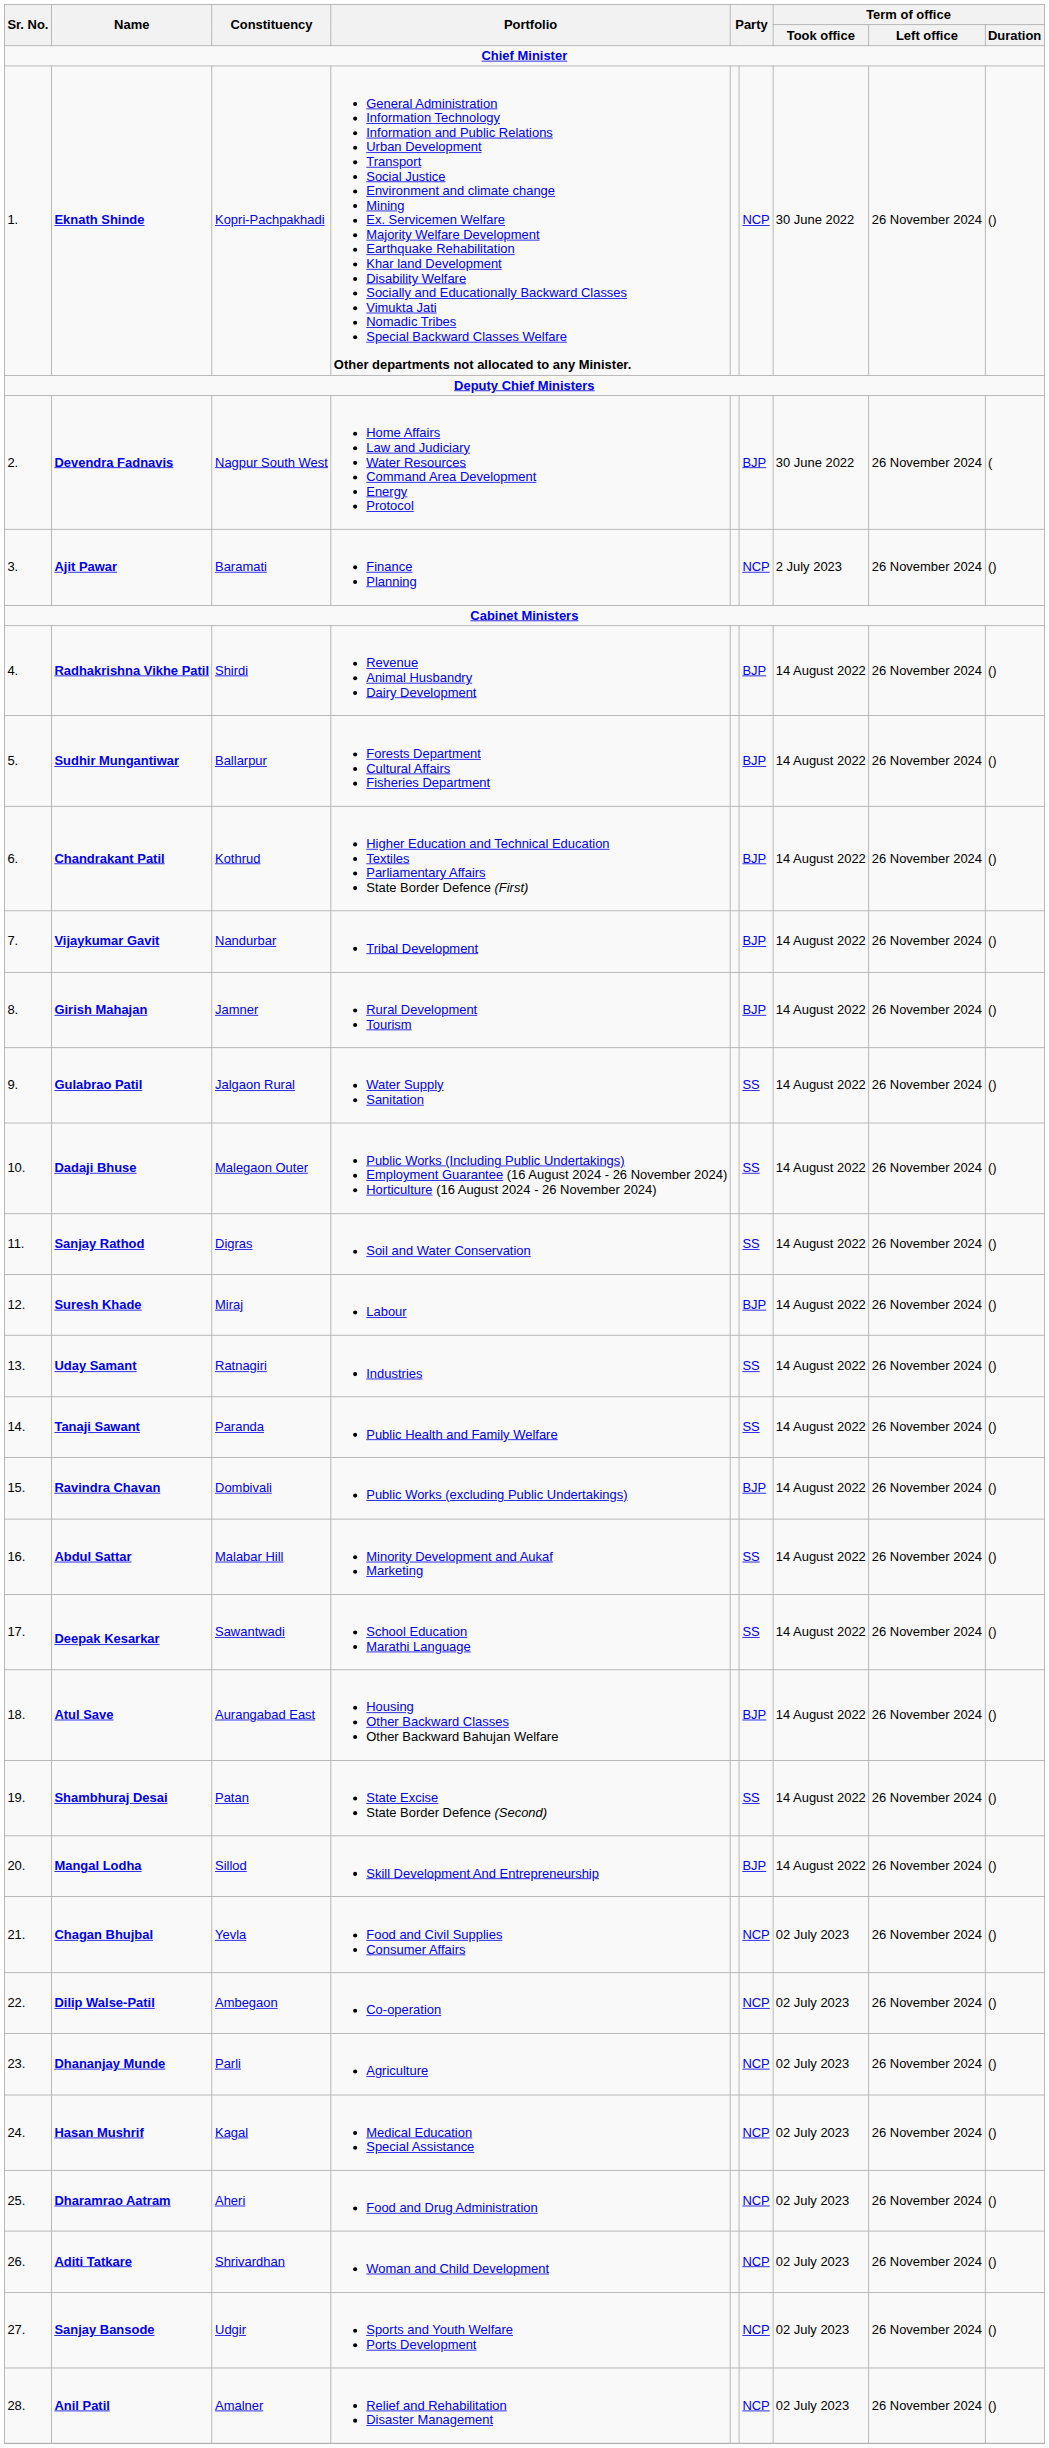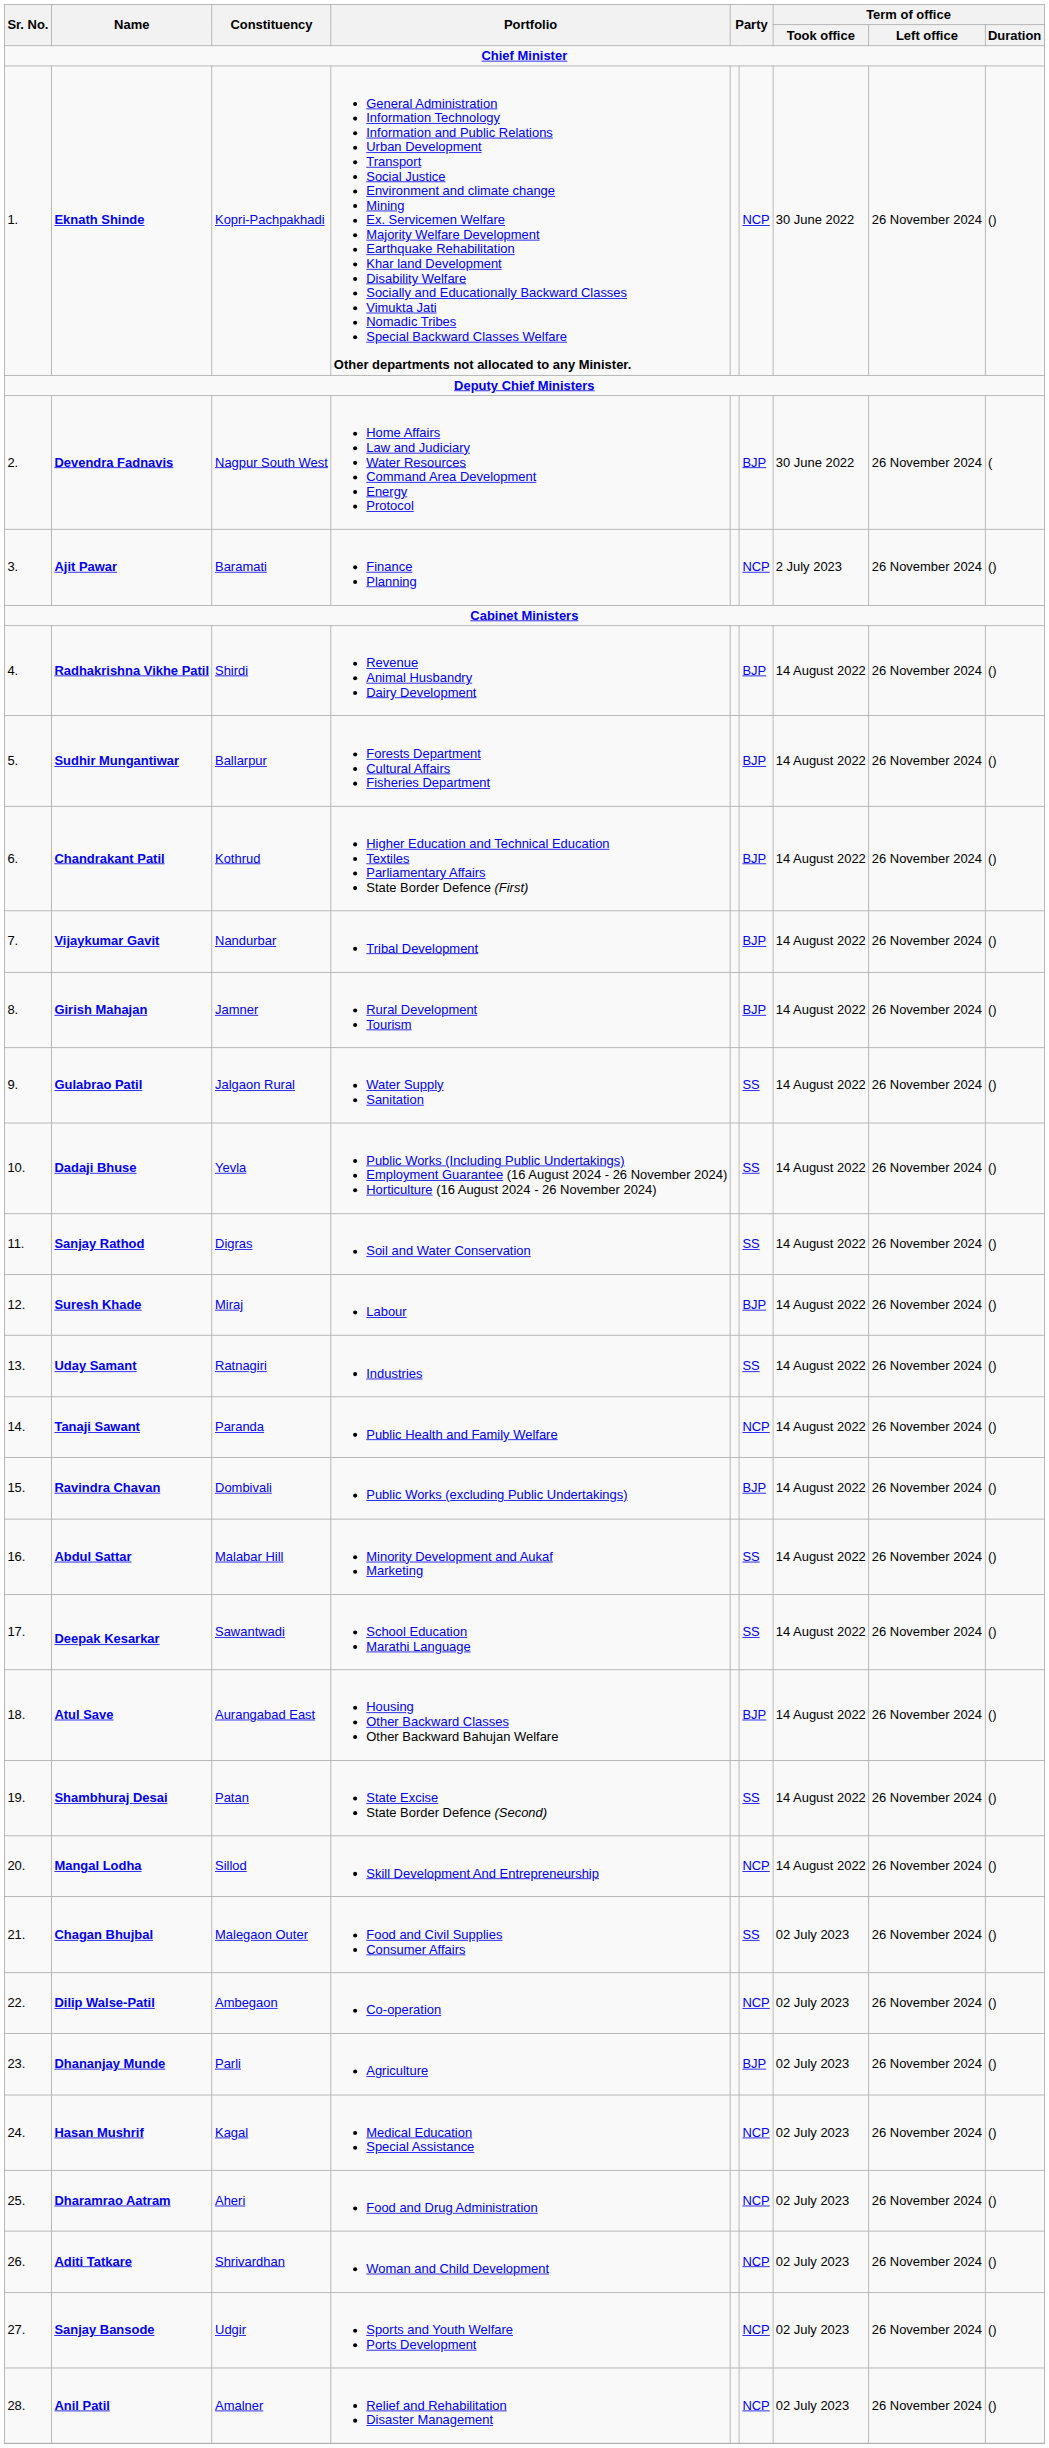 <table class="wikitable sortable">
 <tr>
 <th rowspan = "2">Sr. No.</th>
 <th rowspan = "2">Name</th>
 <th rowspan = "2">Constituency</th>
 <th rowspan = "2">Portfolio</th>
 <th rowspan = "2" colspan="2" scope="col">Party</th>
 <th colspan="3">Term of office</th>
 </tr>
 <tr>
 <th>Took office</th>
 <th>Left office</th>
 <th>Duration</th>
 </tr>
 <tr>
 <td colspan="9" style="text-align: center;"><strong><a href='#'>Chief Minister</a></strong></td>
 </tr>
 <tr>
 <td>1.</td>
 <td><strong><a href='#'>Eknath Shinde</a></strong></td>
 <td><a href='#'>Kopri-Pachpakhadi</a></td>
 <td><br><ul><li><a href='#'>General Administration</a></li><li><a href='#'>Information Technology</a></li><li><a href='#'>Information and Public Relations</a></li><li><a href='#'>Urban Development</a></li><li><a href='#'>Transport</a></li><li><a href='#'>Social Justice</a></li><li><a href='#'>Environment and climate change</a></li><li><a href='#'>Mining</a></li><li><a href='#'>Ex. Servicemen Welfare</a></li><li><a href='#'>Majority Welfare Development</a></li><li><a href='#'>Earthquake Rehabilitation</a></li><li><a href='#'>Khar land Development</a></li><li><a href='#'>Disability Welfare</a></li><li><a href='#'>Socially and Educationally Backward Classes</a></li><li><a href='#'>Vimukta Jati</a></li><li><a href='#'>Nomadic Tribes</a></li><li><a href='#'>Special Backward Classes Welfare</a></li></ul><strong>Other departments not allocated to any Minister.</strong></td>
 <td width="4px"></td>
 <td rowspan="1"><a href='#'>NCP</a></td>
 <td>30 June 2022</td>
 <td>26 November 2024</td>
 <td>()</td>
 </tr>
 <tr>
 <td colspan="9" style="text-align: center;"><strong><a href='#'>Deputy Chief Ministers</a></strong></td>
 </tr>
 <tr>
 <td>2.</td>
 <td><strong><a href='#'>Devendra Fadnavis</a></strong></td>
 <td><a href='#'>Nagpur South West</a></td>
 <td><br><ul><li><a href='#'>Home Affairs</a></li><li><a href='#'>Law and Judiciary</a></li><li><a href='#'>Water Resources</a></li><li><a href='#'>Command Area Development</a></li><li><a href='#'>Energy</a></li><li><a href='#'>Protocol</a></li></ul></td>
 <td rowspan="1" width="1px"></td>
 <td rowspan="1"><a href='#'>BJP</a></td>
 <td>30 June 2022</td>
 <td>26 November 2024</td>
 <td>(</td>
 </tr>
 <tr>
 <td>3.</td>
 <td><strong><a href='#'>Ajit Pawar</a></strong></td>
 <td><a href='#'>Baramati</a></td>
 <td><br><ul><li><a href='#'>Finance</a></li><li><a href='#'>Planning</a></li></ul></td>
 <td rowspan="1" width="4px"></td>
 <td rowspan="1"><a href='#'>NCP</a></td>
 <td>2 July 2023</td>
 <td>26 November 2024</td>
 <td>()</td>
 </tr>
 <tr>
 <td colspan="9" style="text-align: center;"><strong><a href='#'>Cabinet Ministers</a></strong></td>
 </tr>
 <tr>
 <td>4.</td>
 <td><strong><a href='#'>Radhakrishna Vikhe Patil</a></strong></td>
 <td><a href='#'>Shirdi</a></td>
 <td><br><ul><li><a href='#'>Revenue</a></li><li><a href='#'>Animal Husbandry</a></li><li><a href='#'>Dairy Development</a></li></ul></td>
 <td rowspan="1" width="4px"></td>
 <td rowspan="1"><a href='#'>BJP</a></td>
 <td>14 August 2022</td>
 <td>26 November 2024</td>
 <td>()</td>
 </tr>
 <tr>
 <td>5.</td>
 <td><strong><a href='#'>Sudhir Mungantiwar</a></strong></td>
 <td><a href='#'>Ballarpur</a></td>
 <td><br><ul><li><a href='#'>Forests Department</a></li><li><a href='#'>Cultural Affairs</a></li><li><a href='#'>Fisheries Department</a></li></ul></td>
 <td rowspan="1" width="4px"></td>
 <td rowspan="1"><a href='#'>BJP</a></td>
 <td>14 August 2022</td>
 <td>26 November 2024</td>
 <td>()</td>
 </tr>
 <tr>
 <td>6.</td>
 <td><strong><a href='#'>Chandrakant Patil</a></strong></td>
 <td><a href='#'>Kothrud</a></td>
 <td><br><ul><li><a href='#'>Higher Education and Technical Education</a></li><li><a href='#'>Textiles</a></li><li><a href='#'>Parliamentary Affairs</a></li><li>State Border Defence <em>(First)</em></li></ul></td>
 <td rowspan="1" width="4px"></td>
 <td rowspan="1"><a href='#'>BJP</a></td>
 <td>14 August 2022</td>
 <td>26 November 2024</td>
 <td>()</td>
 </tr>
 <tr>
 <td>7.</td>
 <td><strong><a href='#'>Vijaykumar Gavit</a></strong></td>
 <td><a href='#'>Nandurbar</a></td>
 <td><br><ul><li><a href='#'>Tribal Development</a></li></ul></td>
 <td rowspan="1" width="4px"></td>
 <td rowspan="1"><a href='#'>BJP</a></td>
 <td>14 August 2022</td>
 <td>26 November 2024</td>
 <td>()</td>
 </tr>
 <tr>
 <td>8.</td>
 <td><strong><a href='#'>Girish Mahajan</a></strong></td>
 <td><a href='#'>Jamner</a></td>
 <td><br><ul><li><a href='#'>Rural Development</a></li><li><a href='#'>Tourism</a></li></ul></td>
 <td width="4px"></td>
 <td><a href='#'>BJP</a></td>
 <td>14 August 2022</td>
 <td>26 November 2024</td>
 <td>()</td>
 </tr>
 <tr>
 <td>9.</td>
 <td><strong><a href='#'>Gulabrao Patil</a></strong></td>
 <td><a href='#'>Jalgaon Rural</a></td>
 <td><br><ul><li><a href='#'>Water Supply</a></li><li><a href='#'>Sanitation</a></li></ul></td>
 <td rowspan="1" width="4px"></td>
 <td rowspan="1"><a href='#'>SS</a></td>
 <td>14 August 2022</td>
 <td>26 November 2024</td>
 <td>()</td>
 </tr>
 <tr>
 <td>10.</td>
 <td><strong><a href='#'>Dadaji Bhuse</a></strong></td>
-<td><a href='#'>Malegaon Outer</a></td>
+<td><a href='#'>Yevla</a></td>
 <td><br><ul><li><a href='#'>Public Works (Including Public Undertakings)</a></li><li><a href='#'>Employment Guarantee</a> (16 August 2024 - 26 November 2024)</li><li><a href='#'>Horticulture</a> (16 August 2024 - 26 November 2024)</li></ul></td>
 <td rowspan="1" width="4px"></td>
 <td rowspan="1"><a href='#'>SS</a></td>
 <td>14 August 2022</td>
 <td>26 November 2024</td>
 <td>()</td>
 </tr>
 <tr>
 <td>11.</td>
 <td><strong><a href='#'>Sanjay Rathod</a></strong></td>
 <td><a href='#'>Digras</a></td>
 <td><br><ul><li><a href='#'>Soil and Water Conservation</a></li></ul></td>
 <td rowspan="1" width="4px"></td>
 <td rowspan="1"><a href='#'>SS</a></td>
 <td>14 August 2022</td>
 <td>26 November 2024</td>
 <td>()</td>
 </tr>
 <tr>
 <td>12.</td>
 <td><strong><a href='#'>Suresh Khade</a></strong></td>
 <td><a href='#'>Miraj</a></td>
 <td><br><ul><li><a href='#'>Labour</a></li></ul></td>
 <td width="4px"></td>
 <td><a href='#'>BJP</a></td>
 <td>14 August 2022</td>
 <td>26 November 2024</td>
 <td>()</td>
 </tr>
 <tr>
 <td>13.</td>
 <td><strong><a href='#'>Uday Samant</a></strong></td>
 <td><a href='#'>Ratnagiri</a></td>
 <td><br><ul><li><a href='#'>Industries</a></li></ul></td>
 <td rowspan="1" width="4px"></td>
 <td rowspan="1"><a href='#'>SS</a></td>
 <td>14 August 2022</td>
 <td>26 November 2024</td>
 <td>()</td>
 </tr>
 <tr>
 <td>14.</td>
 <td><strong><a href='#'>Tanaji Sawant</a></strong></td>
 <td><a href='#'>Paranda</a></td>
 <td><br><ul><li><a href='#'>Public Health and Family Welfare</a></li></ul></td>
 <td rowspan="1" width="4px"></td>
-<td rowspan="1"><a href='#'>SS</a></td>
+<td rowspan="1"><a href='#'>NCP</a></td>
 <td>14 August 2022</td>
 <td>26 November 2024</td>
 <td>()</td>
 </tr>
 <tr>
 <td>15.</td>
 <td><strong><a href='#'>Ravindra Chavan</a></strong></td>
 <td><a href='#'>Dombivali</a></td>
 <td><br><ul><li><a href='#'>Public Works (excluding Public Undertakings)</a></li></ul></td>
 <td width="4px"></td>
 <td><a href='#'>BJP</a></td>
 <td>14 August 2022</td>
 <td>26 November 2024</td>
 <td>()</td>
 </tr>
 <tr>
 <td>16.</td>
 <td><strong><a href='#'>Abdul Sattar</a></strong></td>
 <td><a href='#'>Malabar Hill</a></td>
 <td><br><ul><li><a href='#'>Minority Development and Aukaf</a></li><li><a href='#'>Marketing</a></li></ul></td>
 <td rowspan="1" width="4px"></td>
 <td rowspan="1"><a href='#'>SS</a></td>
 <td>14 August 2022</td>
 <td>26 November 2024</td>
 <td>()</td>
 </tr>
 <tr>
 <td>17.</td>
 <td><br> <strong><a href='#'>Deepak Kesarkar</a></strong></td>
 <td><a href='#'>Sawantwadi</a></td>
 <td><br><ul><li><a href='#'>School Education</a></li><li><a href='#'>Marathi Language</a></li></ul></td>
 <td rowspan="1" width="4px"></td>
 <td rowspan="1"><a href='#'>SS</a></td>
 <td>14 August 2022</td>
 <td>26 November 2024</td>
 <td>()</td>
 </tr>
 <tr>
 <td>18.</td>
 <td><strong><a href='#'>Atul Save</a></strong></td>
 <td><a href='#'>Aurangabad East</a></td>
 <td><br><ul><li><a href='#'>Housing</a></li><li><a href='#'>Other Backward Classes</a></li><li>Other Backward Bahujan Welfare</li></ul></td>
 <td width="4px"></td>
 <td><a href='#'>BJP</a></td>
 <td>14 August 2022</td>
 <td>26 November 2024</td>
 <td>()</td>
 </tr>
 <tr>
 <td>19.</td>
 <td><strong><a href='#'>Shambhuraj Desai</a></strong></td>
 <td><a href='#'>Patan</a></td>
 <td><br><ul><li><a href='#'>State Excise</a></li><li>State Border Defence <em>(Second)</em></li></ul></td>
 <td width="4px"></td>
 <td><a href='#'>SS</a></td>
 <td>14 August 2022</td>
 <td>26 November 2024</td>
 <td>()</td>
 </tr>
 <tr>
 <td>20.</td>
 <td><strong><a href='#'>Mangal Lodha</a></strong></td>
 <td><a href='#'>Sillod</a></td>
 <td><br><ul><li><a href='#'>Skill Development And Entrepreneurship</a></li></ul></td>
 <td width="4px"></td>
-<td><a href='#'>BJP</a></td>
+<td rowspan="1"><a href='#'>NCP</a></td>
 <td>14 August 2022</td>
 <td>26 November 2024</td>
 <td>()</td>
 </tr>
 <tr>
 <td>21.</td>
 <td><strong><a href='#'>Chagan Bhujbal</a></strong></td>
-<td><a href='#'>Yevla</a></td>
+<td><a href='#'>Malegaon Outer</a></td>
 <td><br><ul><li><a href='#'>Food and Civil Supplies</a></li><li><a href='#'>Consumer Affairs</a></li></ul></td>
 <td rowspan="1" width="4px"></td>
-<td rowspan="1"><a href='#'>NCP</a></td>
+<td rowspan="1"><a href='#'>SS</a></td>
 <td>02 July 2023</td>
 <td>26 November 2024</td>
 <td>()</td>
 </tr>
 <tr>
 <td>22.</td>
 <td><strong><a href='#'>Dilip Walse-Patil</a></strong></td>
 <td><a href='#'>Ambegaon</a></td>
 <td><br><ul><li><a href='#'>Co-operation</a></li></ul></td>
 <td rowspan="1" width="4px"></td>
 <td rowspan="1"><a href='#'>NCP</a></td>
 <td>02 July 2023</td>
 <td>26 November 2024</td>
 <td>()</td>
 </tr>
 <tr>
 <td>23.</td>
 <td><strong><a href='#'>Dhananjay Munde</a></strong></td>
 <td><a href='#'>Parli</a></td>
 <td><br><ul><li><a href='#'>Agriculture</a></li></ul></td>
 <td rowspan="1" width="4px"></td>
-<td rowspan="1"><a href='#'>NCP</a></td>
+<td><a href='#'>BJP</a></td>
 <td>02 July 2023</td>
 <td>26 November 2024</td>
 <td>()</td>
 </tr>
 <tr>
 <td>24.</td>
 <td><strong><a href='#'>Hasan Mushrif</a></strong></td>
 <td><a href='#'>Kagal</a></td>
 <td><br><ul><li><a href='#'>Medical Education</a></li><li><a href='#'>Special Assistance</a></li></ul></td>
 <td rowspan="1" width="4px"></td>
 <td rowspan="1"><a href='#'>NCP</a></td>
 <td>02 July 2023</td>
 <td>26 November 2024</td>
 <td>()</td>
 </tr>
 <tr>
 <td>25.</td>
 <td><strong><a href='#'>Dharamrao Aatram</a></strong></td>
 <td><a href='#'>Aheri</a></td>
 <td><br><ul><li><a href='#'>Food and Drug Administration</a></li></ul></td>
 <td rowspan="1" width="4px"></td>
 <td rowspan="1"><a href='#'>NCP</a></td>
 <td>02 July 2023</td>
 <td>26 November 2024</td>
 <td>()</td>
 </tr>
 <tr>
 <td>26.</td>
 <td><strong><a href='#'>Aditi Tatkare</a></strong></td>
 <td><a href='#'>Shrivardhan</a></td>
 <td><br><ul><li><a href='#'>Woman and Child Development</a></li></ul></td>
 <td rowspan="1" width="4px"></td>
 <td rowspan="1"><a href='#'>NCP</a></td>
 <td>02 July 2023</td>
 <td>26 November 2024</td>
 <td>()</td>
 </tr>
 <tr>
 <td>27.</td>
 <td><strong><a href='#'>Sanjay Bansode</a></strong></td>
 <td><a href='#'>Udgir</a></td>
 <td><br><ul><li><a href='#'>Sports and Youth Welfare</a></li><li><a href='#'>Ports Development</a></li></ul></td>
 <td rowspan="1" width="4px"></td>
 <td rowspan="1"><a href='#'>NCP</a></td>
 <td>02 July 2023</td>
 <td>26 November 2024</td>
 <td>()</td>
 </tr>
 <tr>
 <td>28.</td>
 <td><strong><a href='#'>Anil Patil</a></strong></td>
 <td><a href='#'>Amalner</a></td>
 <td><br><ul><li><a href='#'>Relief and Rehabilitation</a></li><li><a href='#'>Disaster Management</a></li></ul></td>
 <td rowspan="1" width="4px"></td>
 <td rowspan="1"><a href='#'>NCP</a></td>
 <td>02 July 2023</td>
 <td>26 November 2024</td>
 <td>()</td>
 </tr>
 <tr>
 </tr>
 </table>
